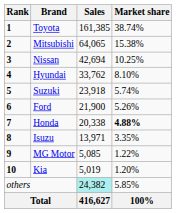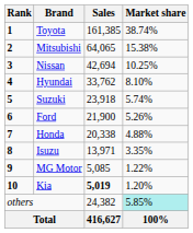 <table class="wikitable" align="left" style="text-align: left; font-size:90%;">
 <tr>
 <th>Rank</th>
 <th>Brand</th>
 <th>Sales</th>
 <th>Market share</th>
 </tr>
 <tr>
 <td><strong>1</strong></td>
 <td><a href='#'>Toyota</a></td>
 <td>161,385</td>
 <td>38.74%</td>
 </tr>
 <tr>
 <td><strong>2</strong></td>
 <td><a href='#'>Mitsubishi</a></td>
 <td>64,065</td>
 <td>15.38%</td>
 </tr>
 <tr>
 <td><strong>3</strong></td>
 <td><a href='#'>Nissan</a></td>
 <td>42,694</td>
 <td>10.25%</td>
 </tr>
 <tr>
 <td><strong>4</strong></td>
 <td><a href='#'>Hyundai</a></td>
 <td>33,762</td>
 <td>8.10%</td>
 </tr>
 <tr>
 <td><strong>5</strong></td>
 <td><a href='#'>Suzuki</a></td>
 <td>23,918</td>
 <td>5.74%</td>
 </tr>
 <tr>
 <td><strong>6</strong></td>
 <td><a href='#'>Ford</a></td>
 <td>21,900</td>
 <td>5.26%</td>
 </tr>
 <tr>
 <td><strong>7</strong></td>
 <td><a href='#'>Honda</a></td>
 <td>20,338</td>
-<td><strong>4.88%</strong></td>
+<td>4.88%</td>
 </tr>
 <tr>
 <td><strong>8</strong></td>
 <td><a href='#'>Isuzu</a></td>
 <td>13,971</td>
 <td>3.35%</td>
 </tr>
 <tr>
 <td><strong>9</strong></td>
 <td><a href='#'>MG Motor</a></td>
 <td>5,085</td>
 <td>1.22%</td>
 </tr>
 <tr>
 <td><strong>10</strong></td>
 <td><a href='#'>Kia</a></td>
-<td>5,019</td>
+<td><strong>5,019</strong></td>
 <td>1.20%</td>
 </tr>
 <tr>
 <td colspan="2"><em>others</em></td>
-<td style="background: paleturquoise;">24,382</td>
-<td>5.85%</td>
+<td>24,382</td>
+<td style="background: paleturquoise;">5.85%</td>
 </tr>
 <tr>
 <th colspan="2">Total</th>
 <th>416,627</th>
 <th>100%</th>
 </tr>
 </table>
